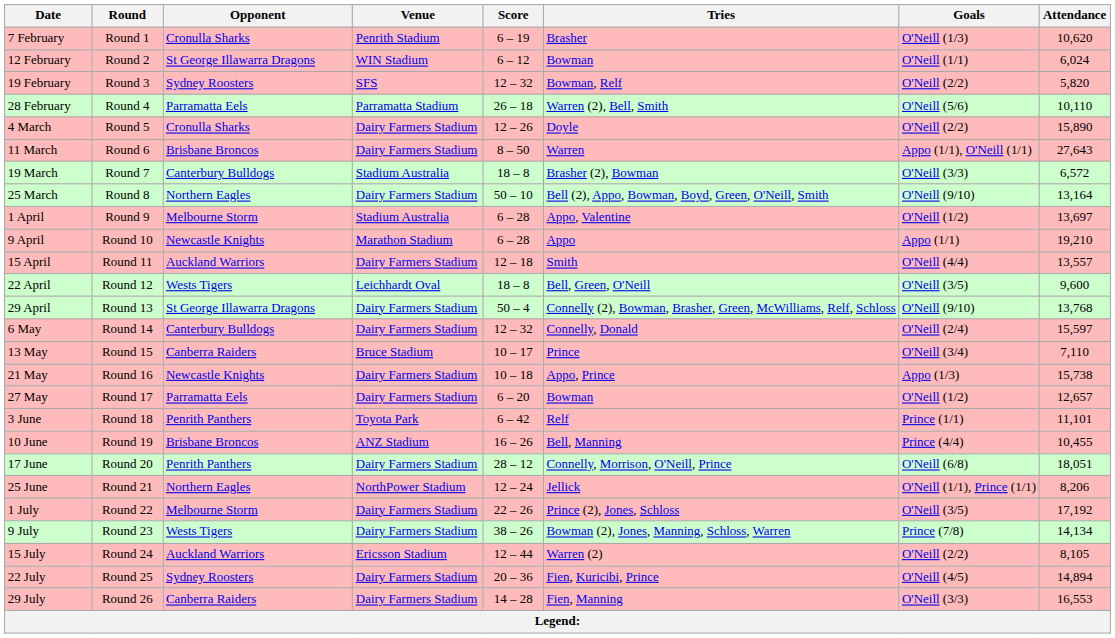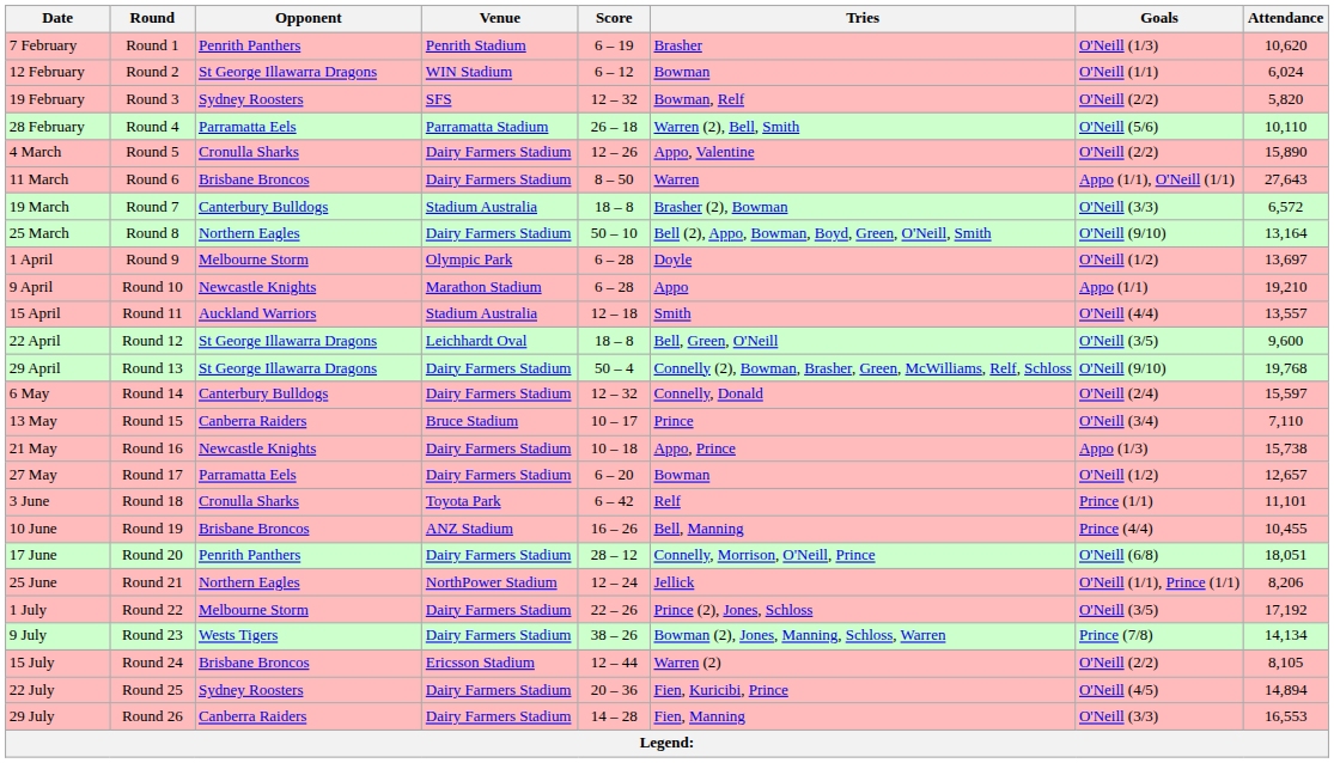 <table class="wikitable" style="font-size:75%;">
 <tr>
 <th style="width:75px;">Date</th>
 <th style="width:60px;">Round</th>
 <th style="width:170px;">Opponent</th>
 <th style="width:115px;">Venue</th>
 <th style="width:50px;">Score</th>
 <th style="width:325;">Tries</th>
 <th style="width:160;">Goals</th>
 <th style="width:60px;">Attendance</th>
 </tr>
 <tr style="background:#FFBBBB">
 <td>7 February</td>
 <td style="text-align:center;">Round 1</td>
-<td> <a href='#'>Cronulla Sharks</a></td>
+<td> <a href='#'>Penrith Panthers</a></td>
 <td><a href='#'>Penrith Stadium</a></td>
 <td style="text-align:center;">6 – 19</td>
 <td><a href='#'>Brasher</a></td>
 <td><a href='#'>O'Neill</a> (1/3)</td>
 <td style="text-align:center;">10,620</td>
 </tr>
 <tr style="background:#FFBBBB">
 <td>12 February</td>
 <td style="text-align:center;">Round 2</td>
 <td> <a href='#'>St George Illawarra Dragons</a></td>
 <td><a href='#'>WIN Stadium</a></td>
 <td style="text-align:center;">6 – 12</td>
 <td><a href='#'>Bowman</a></td>
 <td><a href='#'>O'Neill</a> (1/1)</td>
 <td style="text-align:center;">6,024</td>
 </tr>
 <tr style="background:#FFBBBB">
 <td>19 February</td>
 <td style="text-align:center;">Round 3</td>
 <td> <a href='#'>Sydney Roosters</a></td>
 <td><a href='#'>SFS</a></td>
 <td style="text-align:center;">12 – 32</td>
 <td><a href='#'>Bowman</a>, <a href='#'>Relf</a></td>
 <td><a href='#'>O'Neill</a> (2/2)</td>
 <td style="text-align:center;">5,820</td>
 </tr>
 <tr style="background:#CCFFCC">
 <td>28 February</td>
 <td style="text-align:center;">Round 4</td>
 <td> <a href='#'>Parramatta Eels</a></td>
 <td><a href='#'>Parramatta Stadium</a></td>
 <td style="text-align:center;">26 – 18</td>
 <td><a href='#'>Warren</a> (2), <a href='#'>Bell</a>, <a href='#'>Smith</a></td>
 <td><a href='#'>O'Neill</a> (5/6)</td>
 <td style="text-align:center;">10,110</td>
 </tr>
 <tr style="background:#FFBBBB">
 <td>4 March</td>
 <td style="text-align:center;">Round 5</td>
 <td> <a href='#'>Cronulla Sharks</a></td>
 <td><a href='#'>Dairy Farmers Stadium</a></td>
 <td style="text-align:center;">12 – 26</td>
-<td><a href='#'>Doyle</a></td>
+<td><a href='#'>Appo</a>, <a href='#'>Valentine</a></td>
 <td><a href='#'>O'Neill</a> (2/2)</td>
 <td style="text-align:center;">15,890</td>
 </tr>
 <tr style="background:#FFBBBB">
 <td>11 March</td>
 <td style="text-align:center;">Round 6</td>
 <td> <a href='#'>Brisbane Broncos</a></td>
 <td><a href='#'>Dairy Farmers Stadium</a></td>
 <td style="text-align:center;">8 – 50</td>
 <td><a href='#'>Warren</a></td>
 <td><a href='#'>Appo</a> (1/1), <a href='#'>O'Neill</a> (1/1)</td>
 <td style="text-align:center;">27,643</td>
 </tr>
 <tr style="background:#CCFFCC">
 <td>19 March</td>
 <td style="text-align:center;">Round 7</td>
 <td> <a href='#'>Canterbury Bulldogs</a></td>
 <td><a href='#'>Stadium Australia</a></td>
 <td style="text-align:center;">18 – 8</td>
 <td><a href='#'>Brasher</a> (2), <a href='#'>Bowman</a></td>
 <td><a href='#'>O'Neill</a> (3/3)</td>
 <td style="text-align:center;">6,572</td>
 </tr>
 <tr style="background:#CCFFCC">
 <td>25 March</td>
 <td style="text-align:center;">Round 8</td>
 <td> <a href='#'>Northern Eagles</a></td>
 <td><a href='#'>Dairy Farmers Stadium</a></td>
 <td style="text-align:center;">50 – 10</td>
 <td><a href='#'>Bell</a> (2), <a href='#'>Appo</a>, <a href='#'>Bowman</a>, <a href='#'>Boyd</a>, <a href='#'>Green</a>, <a href='#'>O'Neill</a>, <a href='#'>Smith</a></td>
 <td><a href='#'>O'Neill</a> (9/10)</td>
 <td style="text-align:center;">13,164</td>
 </tr>
 <tr style="background:#FFBBBB">
 <td>1 April</td>
 <td style="text-align:center;">Round 9</td>
 <td> <a href='#'>Melbourne Storm</a></td>
-<td><a href='#'>Stadium Australia</a></td>
+<td><a href='#'>Olympic Park</a></td>
 <td style="text-align:center;">6 – 28</td>
-<td><a href='#'>Appo</a>, <a href='#'>Valentine</a></td>
+<td><a href='#'>Doyle</a></td>
 <td><a href='#'>O'Neill</a> (1/2)</td>
 <td style="text-align:center;">13,697</td>
 </tr>
 <tr style="background:#FFBBBB">
 <td>9 April</td>
 <td style="text-align:center;">Round 10</td>
 <td> <a href='#'>Newcastle Knights</a></td>
 <td><a href='#'>Marathon Stadium</a></td>
 <td style="text-align:center;">6  – 28</td>
 <td><a href='#'>Appo</a></td>
 <td><a href='#'>Appo</a> (1/1)</td>
 <td style="text-align:center;">19,210</td>
 </tr>
 <tr style="background:#FFBBBB">
 <td>15 April</td>
 <td style="text-align:center;">Round 11</td>
 <td> <a href='#'>Auckland Warriors</a></td>
-<td><a href='#'>Dairy Farmers Stadium</a></td>
+<td><a href='#'>Stadium Australia</a></td>
 <td style="text-align:center;">12 – 18</td>
 <td><a href='#'>Smith</a></td>
 <td><a href='#'>O'Neill</a> (4/4)</td>
 <td style="text-align:center;">13,557</td>
 </tr>
 <tr style="background:#CCFFCC">
 <td>22 April</td>
 <td style="text-align:center;">Round 12</td>
-<td> <a href='#'>Wests Tigers</a></td>
+<td> <a href='#'>St George Illawarra Dragons</a></td>
 <td><a href='#'>Leichhardt Oval</a></td>
 <td style="text-align:center;">18 – 8</td>
 <td><a href='#'>Bell</a>, <a href='#'>Green</a>, <a href='#'>O'Neill</a></td>
 <td><a href='#'>O'Neill</a> (3/5)</td>
 <td style="text-align:center;">9,600</td>
 </tr>
 <tr style="background:#CCFFCC">
 <td>29 April</td>
 <td style="text-align:center;">Round 13</td>
 <td> <a href='#'>St George Illawarra Dragons</a></td>
 <td><a href='#'>Dairy Farmers Stadium</a></td>
 <td style="text-align:center;">50 – 4</td>
 <td><a href='#'>Connelly</a> (2), <a href='#'>Bowman</a>, <a href='#'>Brasher</a>, <a href='#'>Green</a>, <a href='#'>McWilliams</a>, <a href='#'>Relf</a>, <a href='#'>Schloss</a></td>
 <td><a href='#'>O'Neill</a> (9/10)</td>
-<td style="text-align:center;">13,768</td>
+<td style="text-align:center;">19,768</td>
 </tr>
 <tr style="background:#FFBBBB">
 <td>6 May</td>
 <td style="text-align:center;">Round 14</td>
 <td> <a href='#'>Canterbury Bulldogs</a></td>
 <td><a href='#'>Dairy Farmers Stadium</a></td>
 <td style="text-align:center;">12 – 32</td>
 <td><a href='#'>Connelly</a>, <a href='#'>Donald</a></td>
 <td><a href='#'>O'Neill</a> (2/4)</td>
 <td style="text-align:center;">15,597</td>
 </tr>
 <tr style="background:#FFBBBB">
 <td>13 May</td>
 <td style="text-align:center;">Round 15</td>
 <td> <a href='#'>Canberra Raiders</a></td>
 <td><a href='#'>Bruce Stadium</a></td>
 <td style="text-align:center;">10 – 17</td>
 <td><a href='#'>Prince</a></td>
 <td><a href='#'>O'Neill</a> (3/4)</td>
 <td style="text-align:center;">7,110</td>
 </tr>
 <tr style="background:#FFBBBB">
 <td>21 May</td>
 <td style="text-align:center;">Round 16</td>
 <td> <a href='#'>Newcastle Knights</a></td>
 <td><a href='#'>Dairy Farmers Stadium</a></td>
 <td style="text-align:center;">10 – 18</td>
 <td><a href='#'>Appo</a>, <a href='#'>Prince</a></td>
 <td><a href='#'>Appo</a> (1/3)</td>
 <td style="text-align:center;">15,738</td>
 </tr>
 <tr style="background:#FFBBBB">
 <td>27 May</td>
 <td style="text-align:center;">Round 17</td>
 <td> <a href='#'>Parramatta Eels</a></td>
 <td><a href='#'>Dairy Farmers Stadium</a></td>
 <td style="text-align:center;">6  – 20</td>
 <td><a href='#'>Bowman</a></td>
 <td><a href='#'>O'Neill</a> (1/2)</td>
 <td style="text-align:center;">12,657</td>
 </tr>
 <tr style="background:#FFBBBB">
 <td>3 June</td>
 <td style="text-align:center;">Round 18</td>
-<td> <a href='#'>Penrith Panthers</a></td>
+<td> <a href='#'>Cronulla Sharks</a></td>
 <td><a href='#'>Toyota Park</a></td>
 <td style="text-align:center;">6 – 42</td>
 <td><a href='#'>Relf</a></td>
 <td><a href='#'>Prince</a> (1/1)</td>
 <td style="text-align:center;">11,101</td>
 </tr>
 <tr style="background:#FFBBBB">
 <td>10 June</td>
 <td style="text-align:center;">Round 19</td>
 <td> <a href='#'>Brisbane Broncos</a></td>
 <td><a href='#'>ANZ Stadium</a></td>
 <td style="text-align:center;">16 – 26</td>
 <td><a href='#'>Bell</a>, <a href='#'>Manning</a></td>
 <td><a href='#'>Prince</a> (4/4)</td>
 <td style="text-align:center;">10,455</td>
 </tr>
 <tr style="background:#CCFFCC">
 <td>17 June</td>
 <td style="text-align:center;">Round 20</td>
 <td> <a href='#'>Penrith Panthers</a></td>
 <td><a href='#'>Dairy Farmers Stadium</a></td>
 <td style="text-align:center;">28 – 12</td>
 <td><a href='#'>Connelly</a>, <a href='#'>Morrison</a>, <a href='#'>O'Neill</a>, <a href='#'>Prince</a></td>
 <td><a href='#'>O'Neill</a> (6/8)</td>
 <td style="text-align:center;">18,051</td>
 </tr>
 <tr style="background:#FFBBBB">
 <td>25 June</td>
 <td style="text-align:center;">Round 21</td>
 <td> <a href='#'>Northern Eagles</a></td>
 <td><a href='#'>NorthPower Stadium</a></td>
 <td style="text-align:center;">12 – 24</td>
 <td><a href='#'>Jellick</a></td>
 <td><a href='#'>O'Neill</a> (1/1), <a href='#'>Prince</a> (1/1)</td>
 <td style="text-align:center;">8,206</td>
 </tr>
 <tr style="background:#FFBBBB">
 <td>1 July</td>
 <td style="text-align:center;">Round 22</td>
 <td> <a href='#'>Melbourne Storm</a></td>
 <td><a href='#'>Dairy Farmers Stadium</a></td>
 <td style="text-align:center;">22 – 26</td>
 <td><a href='#'>Prince</a> (2), <a href='#'>Jones</a>, <a href='#'>Schloss</a></td>
 <td><a href='#'>O'Neill</a> (3/5)</td>
 <td style="text-align:center;">17,192</td>
 </tr>
 <tr style="background:#CCFFCC">
 <td>9 July</td>
 <td style="text-align:center;">Round 23</td>
 <td> <a href='#'>Wests Tigers</a></td>
 <td><a href='#'>Dairy Farmers Stadium</a></td>
 <td style="text-align:center;">38 – 26</td>
 <td><a href='#'>Bowman</a> (2), <a href='#'>Jones</a>, <a href='#'>Manning</a>, <a href='#'>Schloss</a>, <a href='#'>Warren</a></td>
 <td><a href='#'>Prince</a> (7/8)</td>
 <td style="text-align:center;">14,134</td>
 </tr>
 <tr style="background:#FFBBBB">
 <td>15 July</td>
 <td style="text-align:center;">Round 24</td>
-<td> <a href='#'>Auckland Warriors</a></td>
+<td> <a href='#'>Brisbane Broncos</a></td>
 <td><a href='#'>Ericsson Stadium</a></td>
 <td style="text-align:center;">12 – 44</td>
 <td><a href='#'>Warren</a> (2)</td>
 <td><a href='#'>O'Neill</a> (2/2)</td>
 <td style="text-align:center;">8,105</td>
 </tr>
 <tr style="background:#FFBBBB">
 <td>22 July</td>
 <td style="text-align:center;">Round 25</td>
 <td> <a href='#'>Sydney Roosters</a></td>
 <td><a href='#'>Dairy Farmers Stadium</a></td>
 <td style="text-align:center;">20 – 36</td>
 <td><a href='#'>Fien</a>, <a href='#'>Kuricibi</a>, <a href='#'>Prince</a></td>
 <td><a href='#'>O'Neill</a> (4/5)</td>
 <td style="text-align:center;">14,894</td>
 </tr>
 <tr style="background:#FFBBBB">
 <td>29 July</td>
 <td style="text-align:center;">Round 26</td>
 <td> <a href='#'>Canberra Raiders</a></td>
 <td><a href='#'>Dairy Farmers Stadium</a></td>
 <td style="text-align:center;">14 – 28</td>
 <td><a href='#'>Fien</a>, <a href='#'>Manning</a></td>
 <td><a href='#'>O'Neill</a> (3/3)</td>
 <td style="text-align:center;">16,553</td>
 </tr>
 <tr>
 <th colspan="11"><strong>Legend</strong>:    </th>
 </tr>
 </table>
